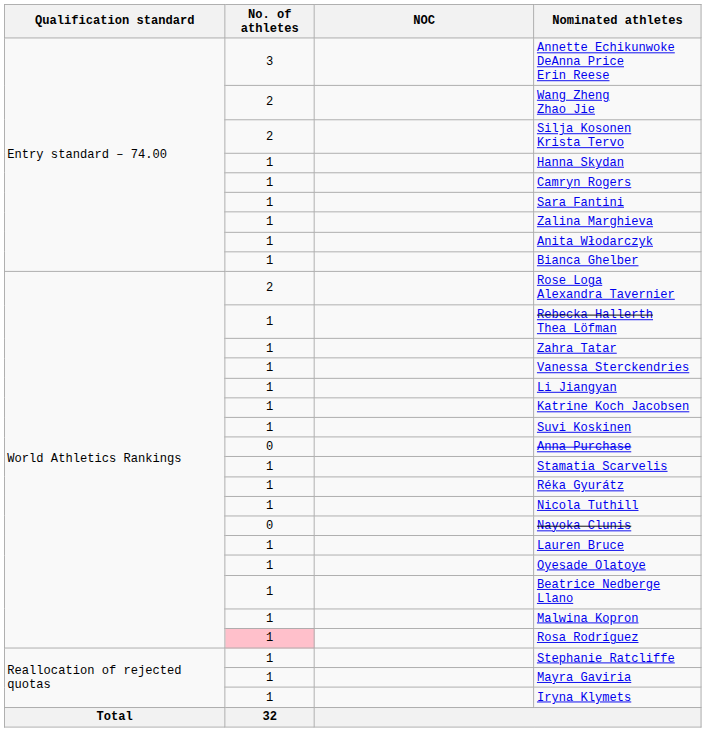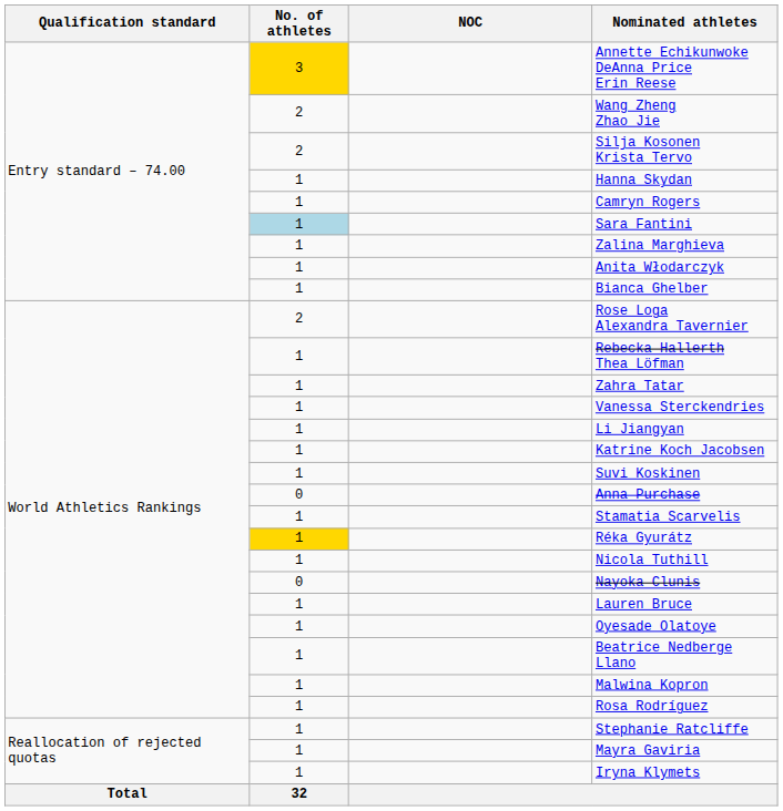 <table class="wikitable sortable" style="text-align:left; width:750px;">
 <tr>
 <th>Qualification standard</th>
 <th width=90>No. of athletes</th>
 <th width=230>NOC</th>
 <th>Nominated athletes</th>
 </tr>
 <tr>
 <td rowspan=9>Entry standard – 74.00</td>
-<td align=center>3</td>
+<td align=center style="background: gold;">3</td>
 <td></td>
 <td><a href='#'>Annette Echikunwoke</a><br><a href='#'>DeAnna Price</a><br><a href='#'>Erin Reese</a></td>
 </tr>
 <tr>
 <td align=center>2</td>
 <td></td>
 <td><a href='#'>Wang Zheng</a><br><a href='#'>Zhao Jie</a></td>
 </tr>
 <tr>
 <td align=center>2</td>
 <td></td>
 <td><a href='#'>Silja Kosonen</a><br><a href='#'>Krista Tervo</a></td>
 </tr>
 <tr>
 <td align=center>1</td>
 <td></td>
 <td><a href='#'>Hanna Skydan</a></td>
 </tr>
 <tr>
 <td align=center>1</td>
 <td></td>
 <td><a href='#'>Camryn Rogers</a></td>
 </tr>
 <tr>
-<td align=center>1</td>
+<td align=center style="background: lightblue;">1</td>
 <td></td>
 <td><a href='#'>Sara Fantini</a></td>
 </tr>
 <tr>
 <td align=center>1</td>
 <td></td>
 <td><a href='#'>Zalina Marghieva</a></td>
 </tr>
 <tr>
 <td align=center>1</td>
 <td></td>
 <td><a href='#'>Anita Włodarczyk</a></td>
 </tr>
 <tr>
 <td align=center>1</td>
 <td></td>
 <td><a href='#'>Bianca Ghelber</a></td>
 </tr>
 <tr>
 <td rowspan=17>World Athletics Rankings</td>
 <td align=center>2</td>
 <td></td>
 <td><a href='#'>Rose Loga</a><br><a href='#'>Alexandra Tavernier</a></td>
 </tr>
 <tr>
 <td align=center>1</td>
 <td></td>
 <td><s><a href='#'>Rebecka Hallerth</a></s><br><a href='#'>Thea Löfman</a></td>
 </tr>
 <tr>
 <td align=center>1</td>
 <td></td>
 <td><a href='#'>Zahra Tatar</a></td>
 </tr>
 <tr>
 <td align=center>1</td>
 <td></td>
 <td><a href='#'>Vanessa Sterckendries</a></td>
 </tr>
 <tr>
 <td align=center>1</td>
 <td></td>
 <td><a href='#'>Li Jiangyan</a></td>
 </tr>
 <tr>
 <td align=center>1</td>
 <td></td>
 <td><a href='#'>Katrine Koch Jacobsen</a></td>
 </tr>
 <tr>
 <td align=center>1</td>
 <td></td>
 <td><a href='#'>Suvi Koskinen</a></td>
 </tr>
 <tr>
 <td align=center>0</td>
 <td><s></s></td>
 <td><a href='#'><s>Anna Purchase</s></a></td>
 </tr>
 <tr>
 <td align=center>1</td>
 <td></td>
 <td><a href='#'>Stamatia Scarvelis</a></td>
 </tr>
 <tr>
-<td align=center>1</td>
+<td align=center style="background: gold;">1</td>
 <td></td>
 <td><a href='#'>Réka Gyurátz</a></td>
 </tr>
 <tr>
 <td align=center>1</td>
 <td></td>
 <td><a href='#'>Nicola Tuthill</a></td>
 </tr>
 <tr>
 <td align=center>0</td>
 <td><s></s></td>
 <td><s><a href='#'>Nayoka Clunis</a></s></td>
 </tr>
 <tr>
 <td align=center>1</td>
 <td></td>
 <td><a href='#'>Lauren Bruce</a></td>
 </tr>
 <tr>
 <td align=center>1</td>
 <td></td>
 <td><a href='#'>Oyesade Olatoye</a></td>
 </tr>
 <tr>
 <td align=center>1</td>
 <td></td>
 <td><a href='#'>Beatrice Nedberge Llano</a></td>
 </tr>
 <tr>
 <td align=center>1</td>
 <td></td>
 <td><a href='#'>Malwina Kopron</a></td>
 </tr>
 <tr>
-<td align=center style="background: pink;">1</td>
+<td align=center>1</td>
 <td></td>
 <td><a href='#'>Rosa Rodríguez</a></td>
 </tr>
 <tr>
 <td rowspan=3>Reallocation of rejected quotas</td>
 <td align=center>1</td>
 <td></td>
 <td><a href='#'>Stephanie Ratcliffe</a></td>
 </tr>
 <tr>
 <td align=center>1</td>
 <td></td>
 <td><a href='#'>Mayra Gaviria</a></td>
 </tr>
 <tr>
 <td align=center>1</td>
 <td></td>
 <td><a href='#'>Iryna Klymets</a></td>
 </tr>
 <tr>
 <th>Total</th>
 <th>32</th>
 <th colspan=2></th>
 </tr>
 </table>
